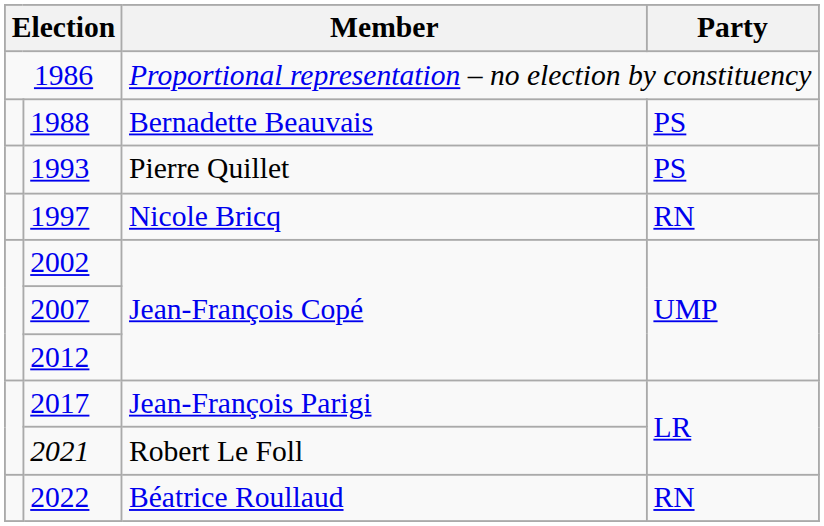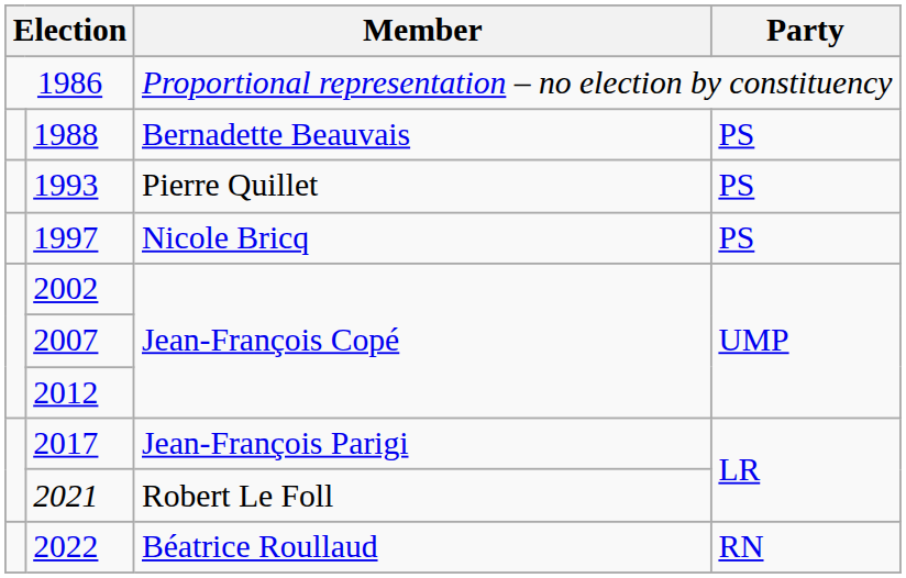 <table class="wikitable">
 <tr>
 <th colspan="2">Election</th>
 <th>Member</th>
 <th>Party</th>
 </tr>
 <tr>
 <td colspan="2" align="center"><a href='#'>1986</a></td>
 <td colspan="2"><em><a href='#'>Proportional representation</a> – no election by constituency</em></td>
 </tr>
 <tr>
 <td style="color:inherit;background-color: "></td>
 <td><a href='#'>1988</a></td>
 <td><a href='#'>Bernadette Beauvais</a></td>
 <td><a href='#'>PS</a></td>
 </tr>
 <tr>
 <td style="color:inherit;background-color: "></td>
 <td><a href='#'>1993</a></td>
 <td>Pierre Quillet</td>
 <td><a href='#'>PS</a></td>
 </tr>
 <tr>
 <td style="color:inherit;background-color: "></td>
 <td><a href='#'>1997</a></td>
 <td><a href='#'>Nicole Bricq</a></td>
-<td><a href='#'>RN</a></td>
+<td><a href='#'>PS</a></td>
 </tr>
 <tr>
 <td rowspan="3" style="color:inherit;background-color: "></td>
 <td><a href='#'>2002</a></td>
 <td rowspan="3"><a href='#'>Jean-François Copé</a></td>
 <td rowspan="3"><a href='#'>UMP</a></td>
 </tr>
 <tr>
 <td><a href='#'>2007</a></td>
 </tr>
 <tr>
 <td><a href='#'>2012</a></td>
 </tr>
 <tr>
 <td rowspan="2" style="color:inherit;background-color: "></td>
 <td><a href='#'>2017</a></td>
 <td><a href='#'>Jean-François Parigi</a></td>
 <td rowspan="2"><a href='#'>LR</a></td>
 </tr>
 <tr>
 <td><em>2021</em></td>
 <td>Robert Le Foll</td>
 </tr>
 <tr>
 <td style="color:inherit;background-color: "></td>
 <td><a href='#'>2022</a></td>
 <td><a href='#'>Béatrice Roullaud</a></td>
 <td><a href='#'>RN</a></td>
 </tr>
 </table>
